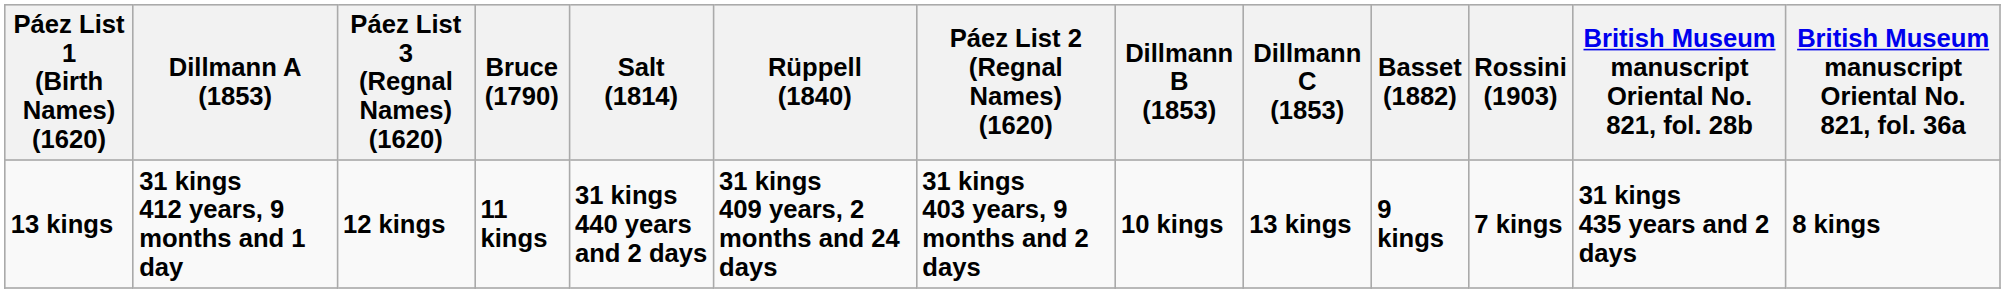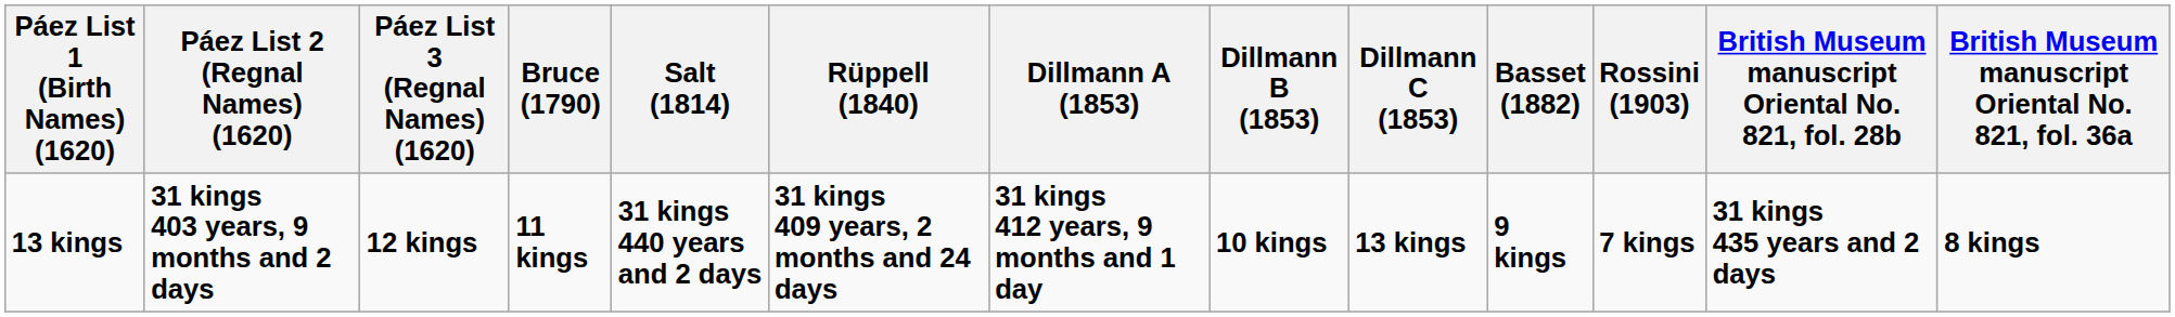 <table class="wikitable">
 <tr>
 <th>Páez List 1<br>(Birth Names)<br>(1620)</th>
-<th>Dillmann A<br>(1853)</th>
+<th>Páez List 2<br>(Regnal Names)<br>(1620)</th>
 <th>Páez List 3<br>(Regnal Names)<br>(1620)</th>
 <th>Bruce<br>(1790)</th>
 <th>Salt<br>(1814)</th>
 <th>Rüppell<br>(1840)</th>
-<th>Páez List 2<br>(Regnal Names)<br>(1620)</th>
+<th>Dillmann A<br>(1853)</th>
 <th>Dillmann B<br>(1853)</th>
 <th>Dillmann C<br>(1853)</th>
 <th>Basset<br>(1882)</th>
 <th>Rossini<br>(1903)</th>
 <th><a href='#'>British Museum</a> manuscript<br>Oriental No. 821, fol. 28b</th>
 <th><a href='#'>British Museum</a> manuscript<br>Oriental No. 821, fol. 36a</th>
 </tr>
 <tr>
 <td><strong>13 kings</strong></td>
-<td><strong>31 kings<br>412 years, 9 months and 1 day</strong></td>
+<td><strong>31 kings<br>403 years, 9 months and 2 days</strong></td>
 <td><strong>12 kings</strong></td>
 <td><strong>11 kings</strong></td>
 <td><strong>31 kings<br>440 years and 2 days</strong></td>
 <td><strong>31 kings</strong><br><strong>409 years, 2 months and 24 days</strong></td>
-<td><strong>31 kings<br>403 years, 9 months and 2 days</strong></td>
+<td><strong>31 kings<br>412 years, 9 months and 1 day</strong></td>
 <td><strong>10 kings</strong></td>
 <td><strong>13 kings</strong></td>
 <td><strong>9 kings</strong></td>
 <td><strong>7 kings</strong></td>
 <td><strong>31 kings<br>435 years and 2 days</strong></td>
 <td><strong>8 kings</strong></td>
 </tr>
 </table>
